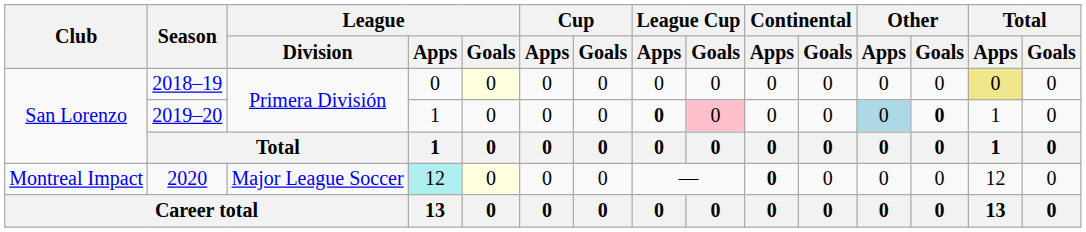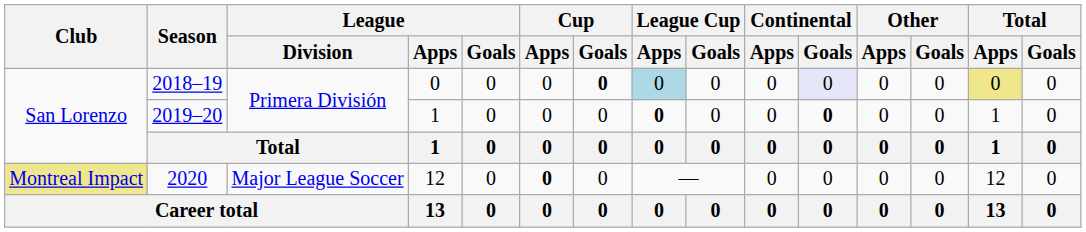 <table class="wikitable" style="text-align:center">
 <tr>
 <th rowspan="2">Club</th>
 <th rowspan="2">Season</th>
 <th colspan="3">League</th>
 <th colspan="2">Cup</th>
 <th colspan="2">League Cup</th>
 <th colspan="2">Continental</th>
 <th colspan="2">Other</th>
 <th colspan="2">Total</th>
 </tr>
 <tr>
 <th>Division</th>
 <th>Apps</th>
 <th>Goals</th>
 <th>Apps</th>
 <th>Goals</th>
 <th>Apps</th>
 <th>Goals</th>
 <th>Apps</th>
 <th>Goals</th>
 <th>Apps</th>
 <th>Goals</th>
 <th>Apps</th>
 <th>Goals</th>
 </tr>
 <tr>
 <td rowspan="3"><a href='#'>San Lorenzo</a></td>
 <td><a href='#'>2018–19</a></td>
 <td rowspan="2"><a href='#'>Primera División</a></td>
 <td>0</td>
-<td style="background: lightyellow;">0</td>
 <td>0</td>
 <td>0</td>
+<td><strong>0</strong></td>
+<td style="background: lightblue;">0</td>
 <td>0</td>
 <td>0</td>
-<td>0</td>
-<td>0</td>
+<td style="background: lavender;">0</td>
 <td>0</td>
 <td>0</td>
 <td style="background: khaki;">0</td>
 <td>0</td>
 </tr>
 <tr>
 <td><a href='#'>2019–20</a></td>
 <td>1</td>
 <td>0</td>
 <td>0</td>
 <td>0</td>
 <td><strong>0</strong></td>
-<td style="background: pink;">0</td>
 <td>0</td>
 <td>0</td>
-<td style="background: lightblue;">0</td>
 <td><strong>0</strong></td>
+<td>0</td>
+<td>0</td>
 <td>1</td>
 <td>0</td>
 </tr>
 <tr>
 <th colspan="2">Total</th>
 <th>1</th>
 <th>0</th>
 <th>0</th>
 <th>0</th>
 <th>0</th>
 <th>0</th>
 <th>0</th>
 <th>0</th>
 <th>0</th>
 <th>0</th>
 <th>1</th>
 <th>0</th>
 </tr>
 <tr>
-<td rowspan="1"><a href='#'>Montreal Impact</a></td>
+<td rowspan="1" style="background: khaki;"><a href='#'>Montreal Impact</a></td>
 <td><a href='#'>2020</a></td>
 <td rowspan="1"><a href='#'>Major League Soccer</a></td>
-<td style="background: paleturquoise;">12</td>
-<td style="background: lightyellow;">0</td>
+<td>12</td>
 <td>0</td>
+<td><strong>0</strong></td>
 <td>0</td>
 <td colspan="2">—</td>
-<td><strong>0</strong></td>
+<td>0</td>
 <td>0</td>
 <td>0</td>
 <td>0</td>
 <td>12</td>
 <td>0</td>
 </tr>
 <tr>
 <th colspan="3">Career total</th>
 <th>13</th>
 <th>0</th>
 <th>0</th>
 <th>0</th>
 <th>0</th>
 <th>0</th>
 <th>0</th>
 <th>0</th>
 <th>0</th>
 <th>0</th>
 <th>13</th>
 <th>0</th>
 </tr>
 </table>
